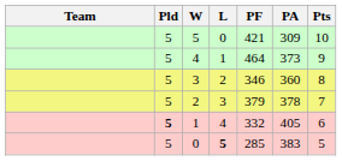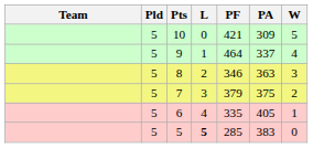 <table class="wikitable" style="text-align:center;">
 <tr>
 <th width=170>Team</th>
 <th width=25>Pld</th>
-<th width=25>W</th>
+<th width=25>Pts</th>
 <th width=25>L</th>
 <th width=35>PF</th>
 <th width=35>PA</th>
-<th width=25>Pts</th>
+<th width=25>W</th>
 </tr>
 <tr bgcolor=#ccffcc>
 <td align="left"></td>
 <td>5</td>
-<td>5</td>
+<td>10</td>
 <td>0</td>
 <td>421</td>
 <td>309</td>
-<td>10</td>
+<td>5</td>
 </tr>
 <tr bgcolor=#ccffcc>
 <td align="left"></td>
 <td>5</td>
-<td>4</td>
+<td>9</td>
 <td>1</td>
 <td>464</td>
-<td>373</td>
-<td>9</td>
+<td>337</td>
+<td>4</td>
 </tr>
 <tr bgcolor=#F3F781>
 <td align="left"></td>
 <td>5</td>
-<td>3</td>
+<td>8</td>
 <td>2</td>
 <td>346</td>
-<td>360</td>
-<td>8</td>
+<td>363</td>
+<td>3</td>
 </tr>
 <tr bgcolor=#F3F781>
 <td align="left"></td>
 <td>5</td>
-<td>2</td>
+<td>7</td>
 <td>3</td>
 <td>379</td>
-<td>378</td>
-<td>7</td>
-</tr>
-<tr bgcolor=#ffcccc>
-<td align="left"></td>
-<td><strong>5</strong></td>
-<td>1</td>
-<td>4</td>
-<td>332</td>
-<td>405</td>
-<td>6</td>
+<td>375</td>
+<td>2</td>
 </tr>
 <tr bgcolor=#ffcccc>
 <td align="left"></td>
 <td>5</td>
-<td>0</td>
+<td>6</td>
+<td>4</td>
+<td>335</td>
+<td>405</td>
+<td>1</td>
+</tr>
+<tr bgcolor=#ffcccc>
+<td align="left"></td>
+<td>5</td>
+<td>5</td>
 <td><strong>5</strong></td>
 <td>285</td>
 <td>383</td>
-<td>5</td>
+<td>0</td>
 </tr>
 </table>
